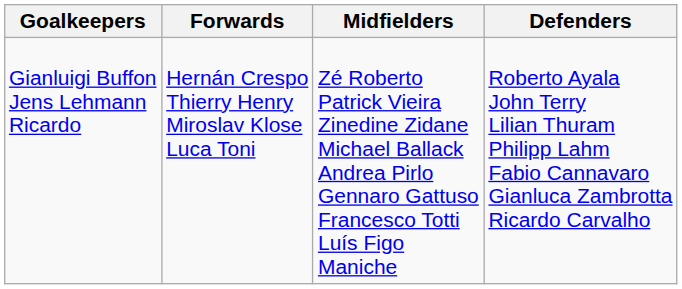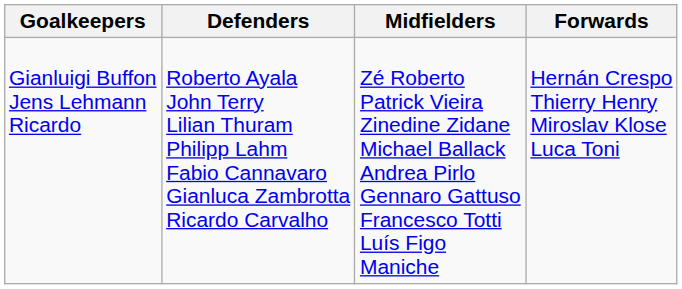 <table class="wikitable" style="mArgin: 0 auto;">
 <tr>
 <th>Goalkeepers</th>
+<th>Defenders</th>
+<th>Midfielders</th>
 <th>Forwards</th>
-<th>Midfielders</th>
-<th>Defenders</th>
 </tr>
 <tr>
 <td valign=top><br> <a href='#'>Gianluigi Buffon</a><br>  <a href='#'>Jens Lehmann</a><br>  <a href='#'>Ricardo</a></td>
+<td valign=top><br> <a href='#'>Roberto Ayala</a><br>  <a href='#'>John Terry</a><br>  <a href='#'>Lilian Thuram</a><br>  <a href='#'>Philipp Lahm</a><br>  <a href='#'>Fabio Cannavaro</a><br>  <a href='#'>Gianluca Zambrotta</a><br>  <a href='#'>Ricardo Carvalho</a></td>
+<td valign=top><br> <a href='#'>Zé Roberto</a><br>  <a href='#'>Patrick Vieira</a><br>  <a href='#'>Zinedine Zidane</a><br>  <a href='#'>Michael Ballack</a><br>  <a href='#'>Andrea Pirlo</a><br>  <a href='#'>Gennaro Gattuso</a><br>  <a href='#'>Francesco Totti</a><br>  <a href='#'>Luís Figo</a><br>  <a href='#'>Maniche</a></td>
 <td valign=top><br> <a href='#'>Hernán Crespo</a><br>  <a href='#'>Thierry Henry</a><br>  <a href='#'>Miroslav Klose</a><br>  <a href='#'>Luca Toni</a></td>
-<td valign=top><br> <a href='#'>Zé Roberto</a><br>  <a href='#'>Patrick Vieira</a><br>  <a href='#'>Zinedine Zidane</a><br>  <a href='#'>Michael Ballack</a><br>  <a href='#'>Andrea Pirlo</a><br>  <a href='#'>Gennaro Gattuso</a><br>  <a href='#'>Francesco Totti</a><br>  <a href='#'>Luís Figo</a><br>  <a href='#'>Maniche</a></td>
-<td valign=top><br> <a href='#'>Roberto Ayala</a><br>  <a href='#'>John Terry</a><br>  <a href='#'>Lilian Thuram</a><br>  <a href='#'>Philipp Lahm</a><br>  <a href='#'>Fabio Cannavaro</a><br>  <a href='#'>Gianluca Zambrotta</a><br>  <a href='#'>Ricardo Carvalho</a></td>
 </tr>
 </table>
